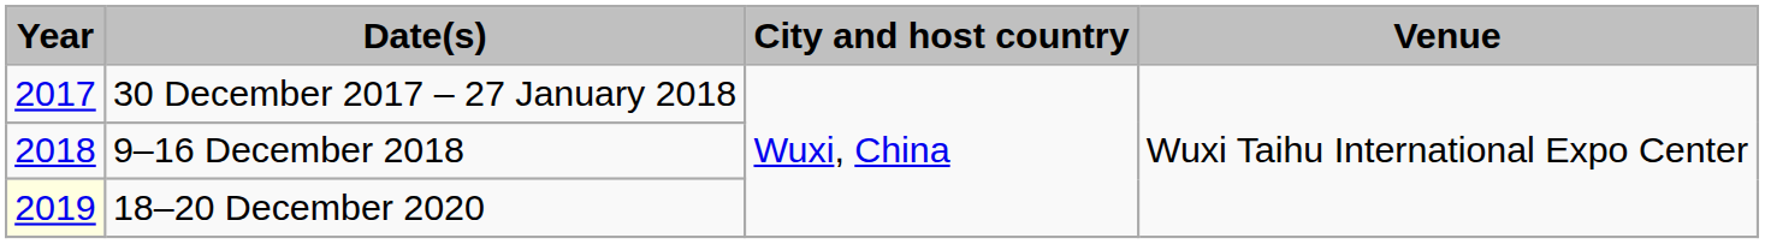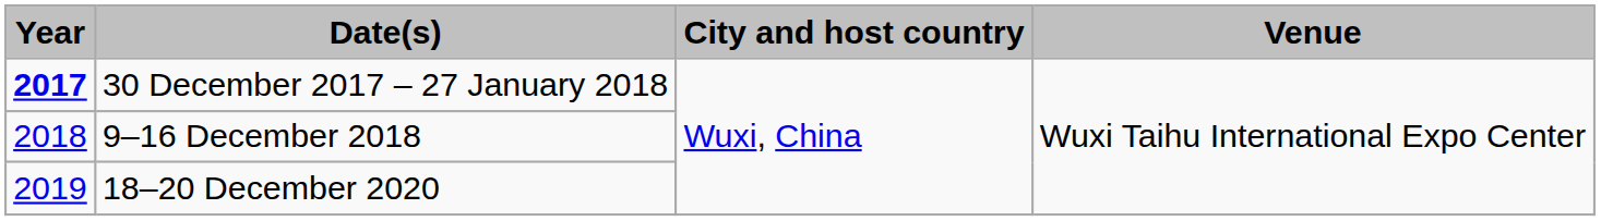 <table class="wikitable" style="font-size:90%;">
 <tr>
 <th style="background-color:#C0C0C0">Year</th>
 <th style="background-color:#C0C0C0">Date(s)</th>
 <th style="background-color:#C0C0C0">City and host country</th>
 <th style="background-color:#C0C0C0">Venue</th>
 </tr>
 <tr>
-<td style="text-align:center"><a href='#'>2017</a></td>
+<td style="text-align:center"><strong><a href='#'>2017</a></strong></td>
 <td style="text-align:center">30 December 2017 – 27 January 2018</td>
 <td rowspan="3"> <a href='#'>Wuxi</a>, <a href='#'>China</a></td>
 <td rowspan="3">Wuxi Taihu International Expo Center</td>
 </tr>
 <tr>
 <td><a href='#'>2018</a></td>
 <td>9–16 December 2018</td>
 </tr>
 <tr>
-<td style="background: lightyellow;"><a href='#'>2019</a></td>
+<td><a href='#'>2019</a></td>
 <td>18–20 December 2020</td>
 </tr>
 </table>
